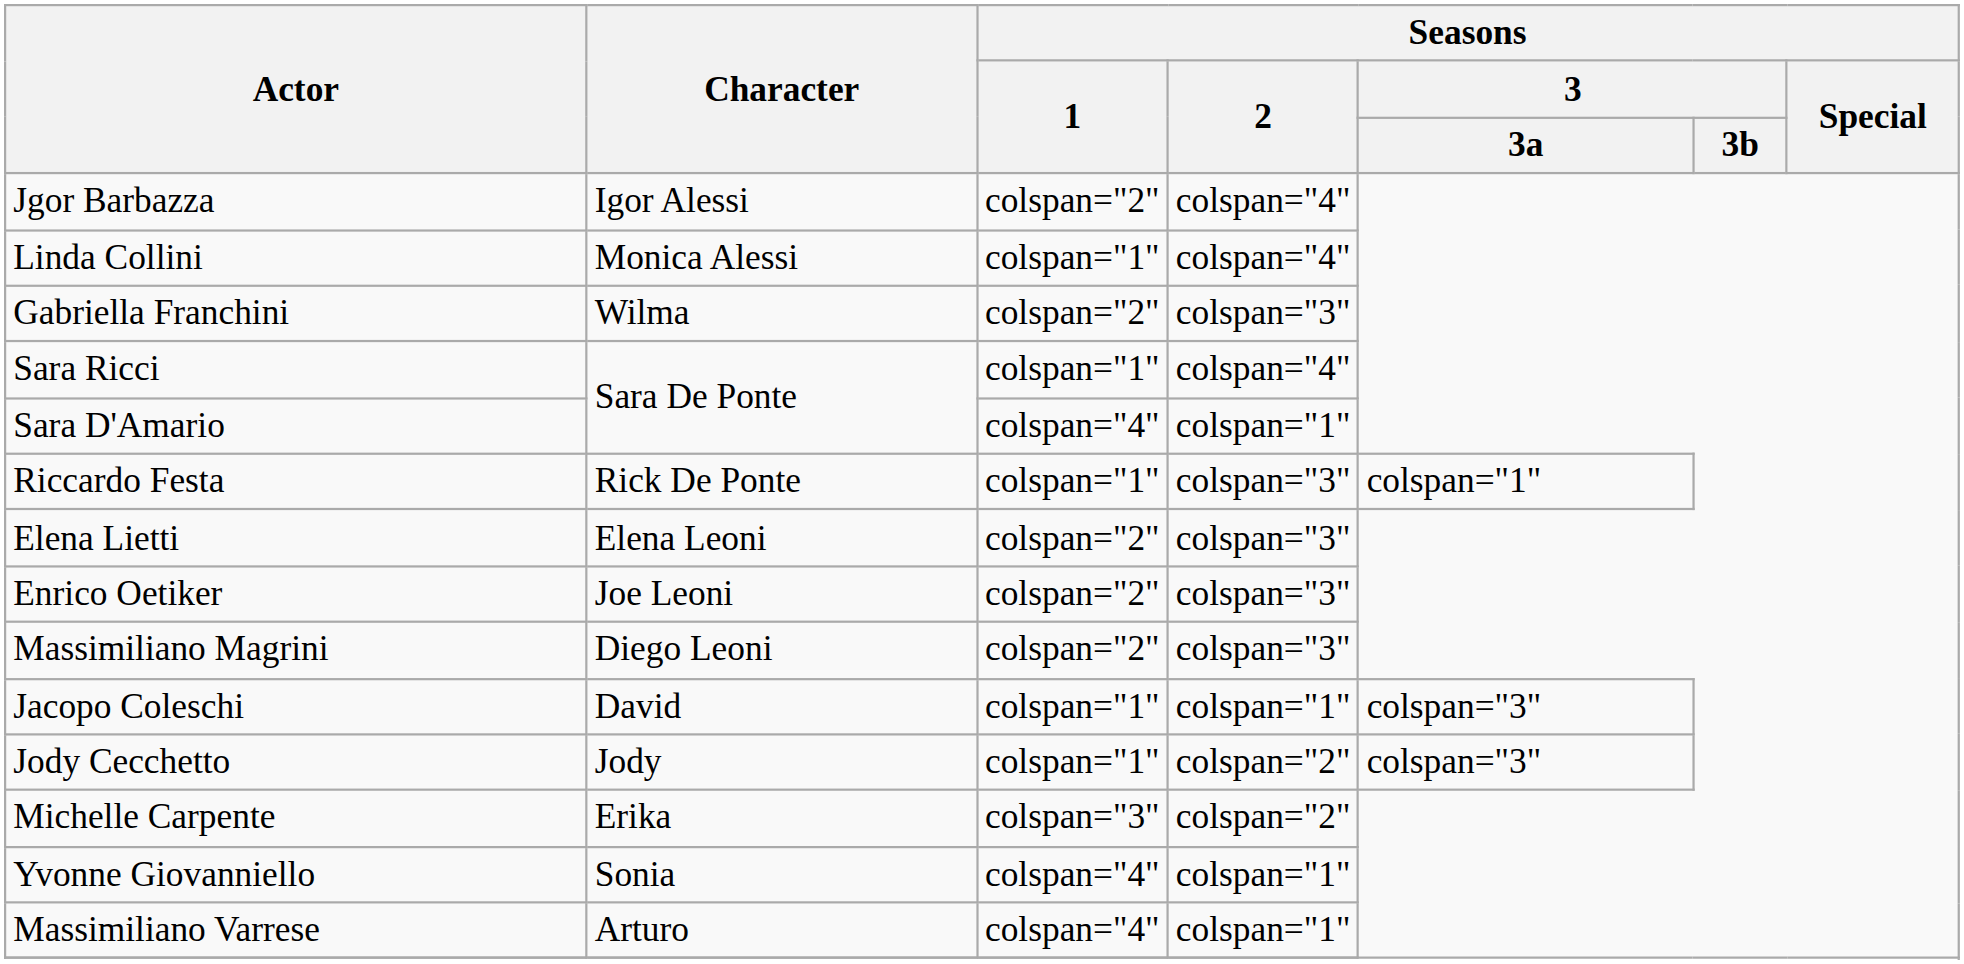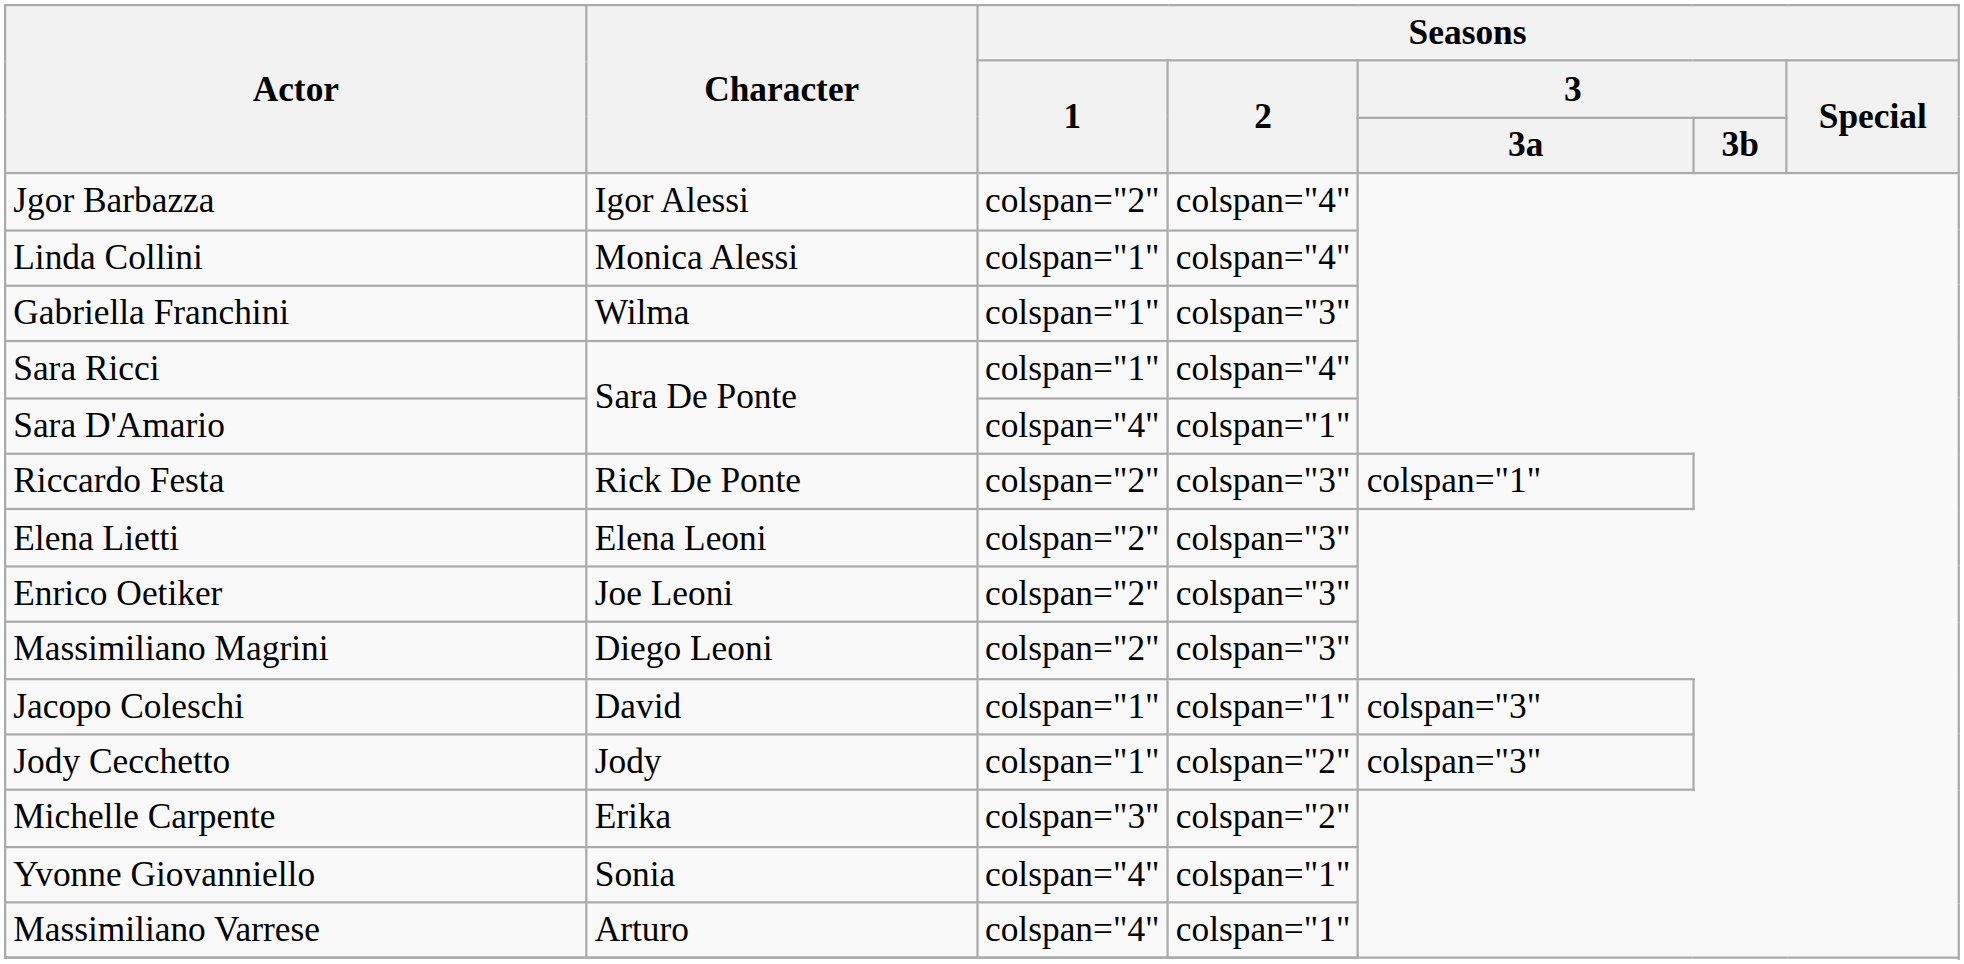 <table class="wikitable" width="70%">
 <tr>
 <th rowspan="3">Actor</th>
 <th rowspan="3">Character</th>
 <th colspan="5">Seasons</th>
 </tr>
 <tr>
 <th rowspan="2" style="width:70px;">1</th>
 <th rowspan="2" style="width:70px;">2</th>
 <th colspan="2" style="width:70px;">3</th>
 <th rowspan="2" style="width:70px;">Special</th>
 </tr>
 <tr>
 <th>3a</th>
 <th>3b</th>
 </tr>
 <tr>
 <td>Jgor Barbazza</td>
 <td>Igor Alessi</td>
 <td>colspan="2" </td>
 <td>colspan="4" </td>
 </tr>
 <tr>
 <td>Linda Collini</td>
 <td>Monica Alessi</td>
 <td>colspan="1" </td>
 <td>colspan="4" </td>
 </tr>
 <tr>
 <td>Gabriella Franchini</td>
 <td>Wilma</td>
-<td>colspan="2" </td>
+<td>colspan="1" </td>
 <td>colspan="3" </td>
 </tr>
 <tr>
 <td>Sara Ricci</td>
 <td rowspan="2">Sara De Ponte</td>
 <td>colspan="1" </td>
 <td>colspan="4" </td>
 </tr>
 <tr>
 <td>Sara D'Amario</td>
 <td>colspan="4" </td>
 <td>colspan="1" </td>
 </tr>
 <tr>
 <td>Riccardo Festa</td>
 <td>Rick De Ponte</td>
-<td>colspan="1" </td>
+<td>colspan="2" </td>
 <td>colspan="3" </td>
 <td>colspan="1" </td>
 </tr>
 <tr>
 <td>Elena Lietti</td>
 <td>Elena Leoni</td>
 <td>colspan="2" </td>
 <td>colspan="3" </td>
 </tr>
 <tr>
 <td>Enrico Oetiker</td>
 <td>Joe Leoni</td>
 <td>colspan="2" </td>
 <td>colspan="3" </td>
 </tr>
 <tr>
 <td>Massimiliano Magrini</td>
 <td>Diego Leoni</td>
 <td>colspan="2" </td>
 <td>colspan="3" </td>
 </tr>
 <tr>
 <td>Jacopo Coleschi</td>
 <td>David</td>
 <td>colspan="1" </td>
 <td>colspan="1" </td>
 <td>colspan="3" </td>
 </tr>
 <tr>
 <td>Jody Cecchetto</td>
 <td>Jody</td>
 <td>colspan="1" </td>
 <td>colspan="2" </td>
 <td>colspan="3" </td>
 </tr>
 <tr>
 <td>Michelle Carpente</td>
 <td>Erika</td>
 <td>colspan="3" </td>
 <td>colspan="2" </td>
 </tr>
 <tr>
 <td>Yvonne Giovanniello</td>
 <td>Sonia</td>
 <td>colspan="4" </td>
 <td>colspan="1" </td>
 </tr>
 <tr>
 <td>Massimiliano Varrese</td>
 <td>Arturo</td>
 <td>colspan="4" </td>
 <td>colspan="1" </td>
 </tr>
 <tr>
 </tr>
 </table>
